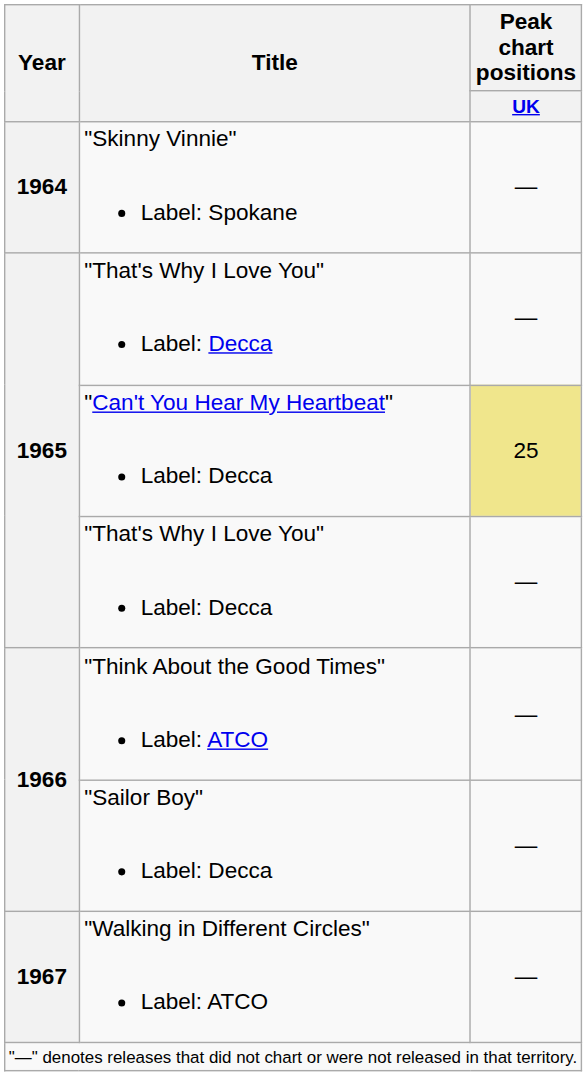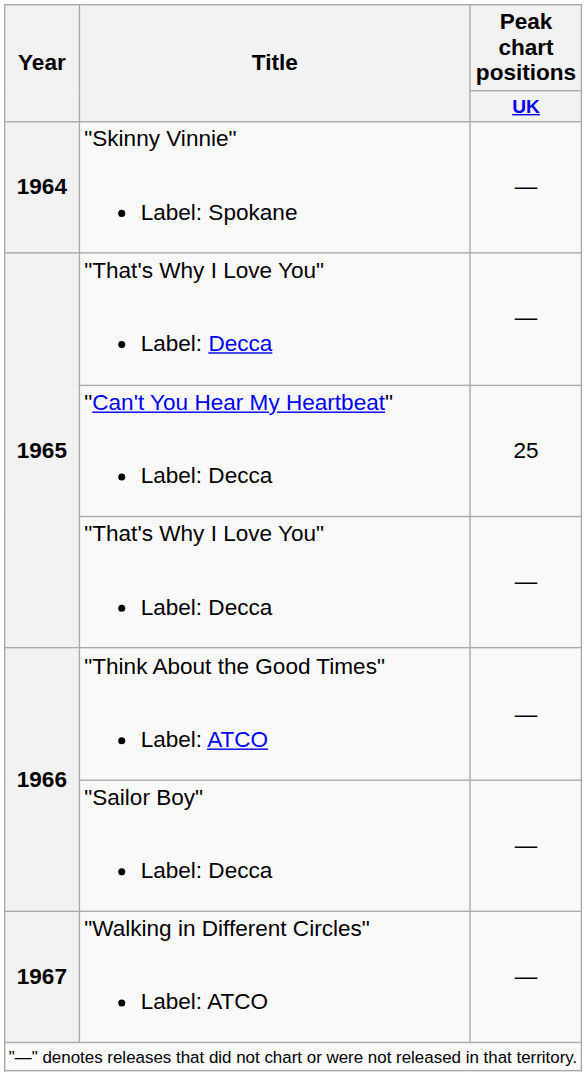 <table class="wikitable">
 <tr>
 <th scope="col" rowspan="2">Year</th>
 <th scope="col" rowspan="2">Title</th>
 <th scope="col" colspan="1">Peak chart positions</th>
 </tr>
 <tr>
 <th style="width: 3.5em; font-size: 85%;"><a href='#'>UK</a></th>
 </tr>
 <tr>
 <th scope="row">1964</th>
 <td>"Skinny Vinnie"<br><br><ul><li>Label: Spokane</li></ul></td>
 <td style="text-align: center;">—</td>
 </tr>
 <tr>
 <th scope="row" rowspan="3">1965</th>
 <td>"That's Why I Love You"<br><br><ul><li>Label: <a href='#'>Decca</a></li></ul></td>
 <td style="text-align: center;">—</td>
 </tr>
 <tr>
 <td>"<a href='#'>Can't You Hear My Heartbeat</a>"<br><br><ul><li>Label: Decca</li></ul></td>
-<td style="background: khaki; text-align: center;">25</td>
+<td style="text-align: center;">25</td>
 </tr>
 <tr>
 <td>"That's Why I Love You"<br><br><ul><li>Label: Decca</li></ul></td>
 <td style="text-align: center;">—</td>
 </tr>
 <tr>
 <th scope="row" rowspan="2">1966</th>
 <td>"Think About the Good Times"<br><br><ul><li>Label: <a href='#'>ATCO</a></li></ul></td>
 <td style="text-align: center;">—</td>
 </tr>
 <tr>
 <td>"Sailor Boy"<br><br><ul><li>Label: Decca</li></ul></td>
 <td style="text-align: center;">—</td>
 </tr>
 <tr>
 <th scope="row">1967</th>
 <td>"Walking in Different Circles"<br><br><ul><li>Label: ATCO</li></ul></td>
 <td style="text-align: center;">—</td>
 </tr>
 <tr>
 <td colspan="3" style="text-align:center; font-size:9pt;">"—" denotes releases that did not chart or were not released in that territory.</td>
 </tr>
 </table>
